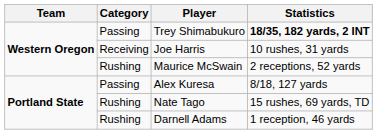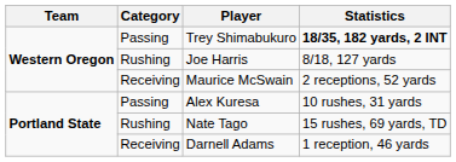 <table class="wikitable" style="float: right;">
 <tr>
 <th>Team</th>
 <th>Category</th>
 <th>Player</th>
 <th>Statistics</th>
 </tr>
 <tr>
 <td rowspan=3><strong>Western Oregon</strong></td>
 <td>Passing</td>
 <td>Trey Shimabukuro</td>
 <td><strong>18/35, 182 yards, 2 INT</strong></td>
 </tr>
 <tr>
-<td>Receiving</td>
+<td>Rushing</td>
 <td>Joe Harris</td>
-<td>10 rushes, 31 yards</td>
+<td>8/18, 127 yards</td>
 </tr>
 <tr>
-<td>Rushing</td>
+<td>Receiving</td>
 <td>Maurice McSwain</td>
 <td>2 receptions, 52 yards</td>
 </tr>
 <tr>
 <td rowspan=3><strong>Portland State</strong></td>
 <td>Passing</td>
 <td>Alex Kuresa</td>
-<td>8/18, 127 yards</td>
+<td>10 rushes, 31 yards</td>
 </tr>
 <tr>
 <td>Rushing</td>
 <td>Nate Tago</td>
 <td>15 rushes, 69 yards, TD</td>
 </tr>
 <tr>
-<td>Rushing</td>
+<td>Receiving</td>
 <td>Darnell Adams</td>
 <td>1 reception, 46 yards</td>
 </tr>
 </table>
